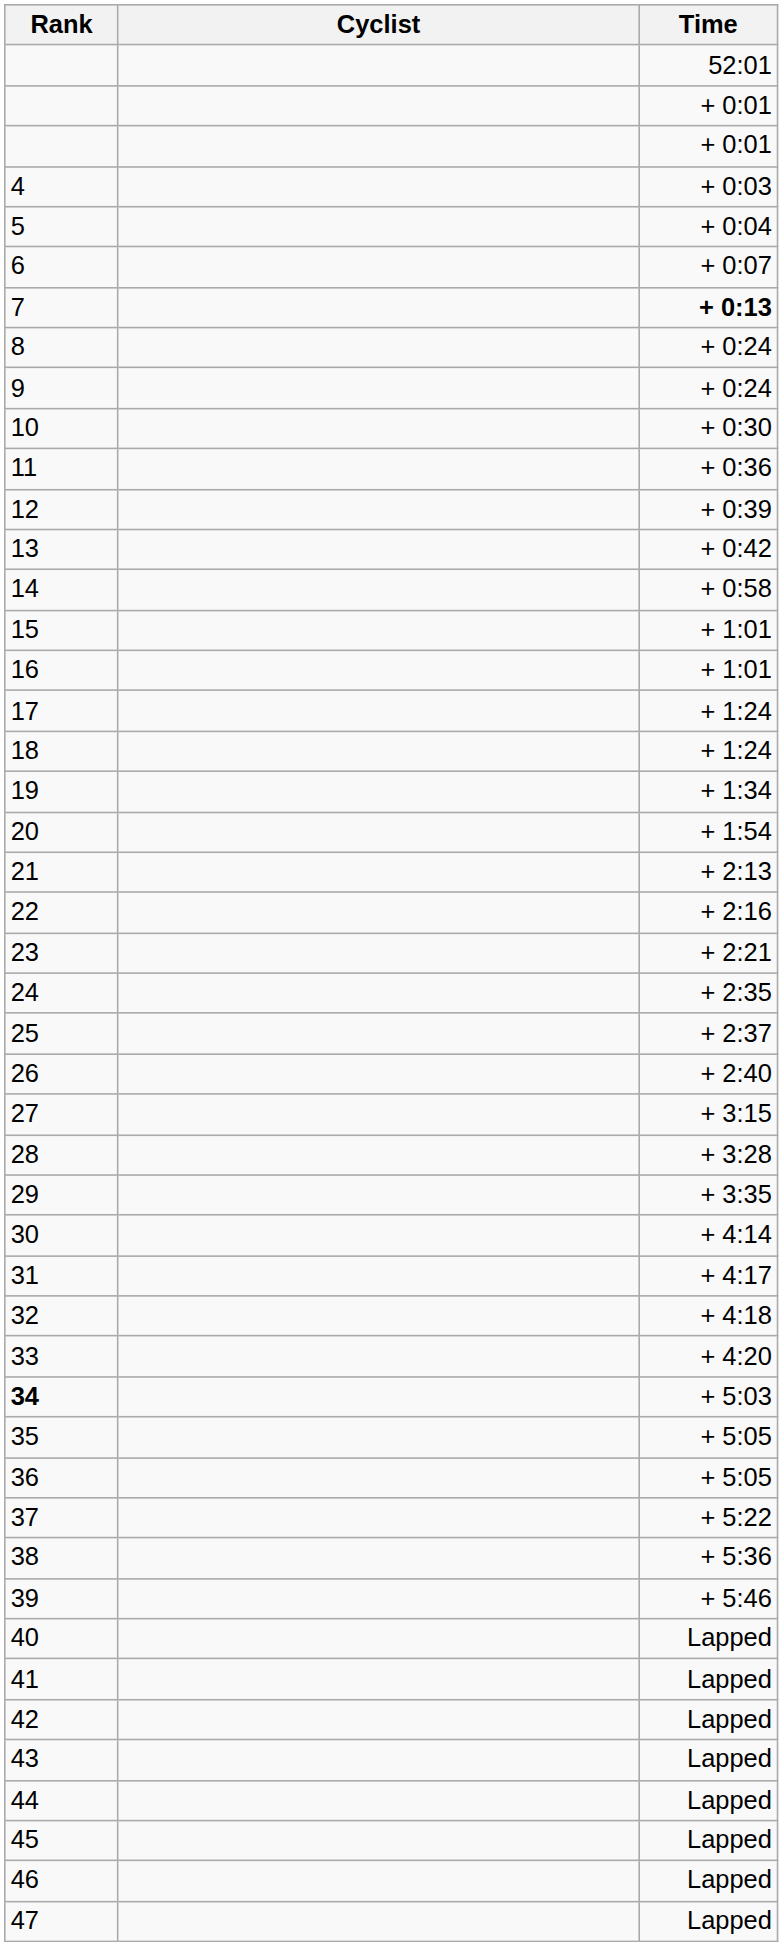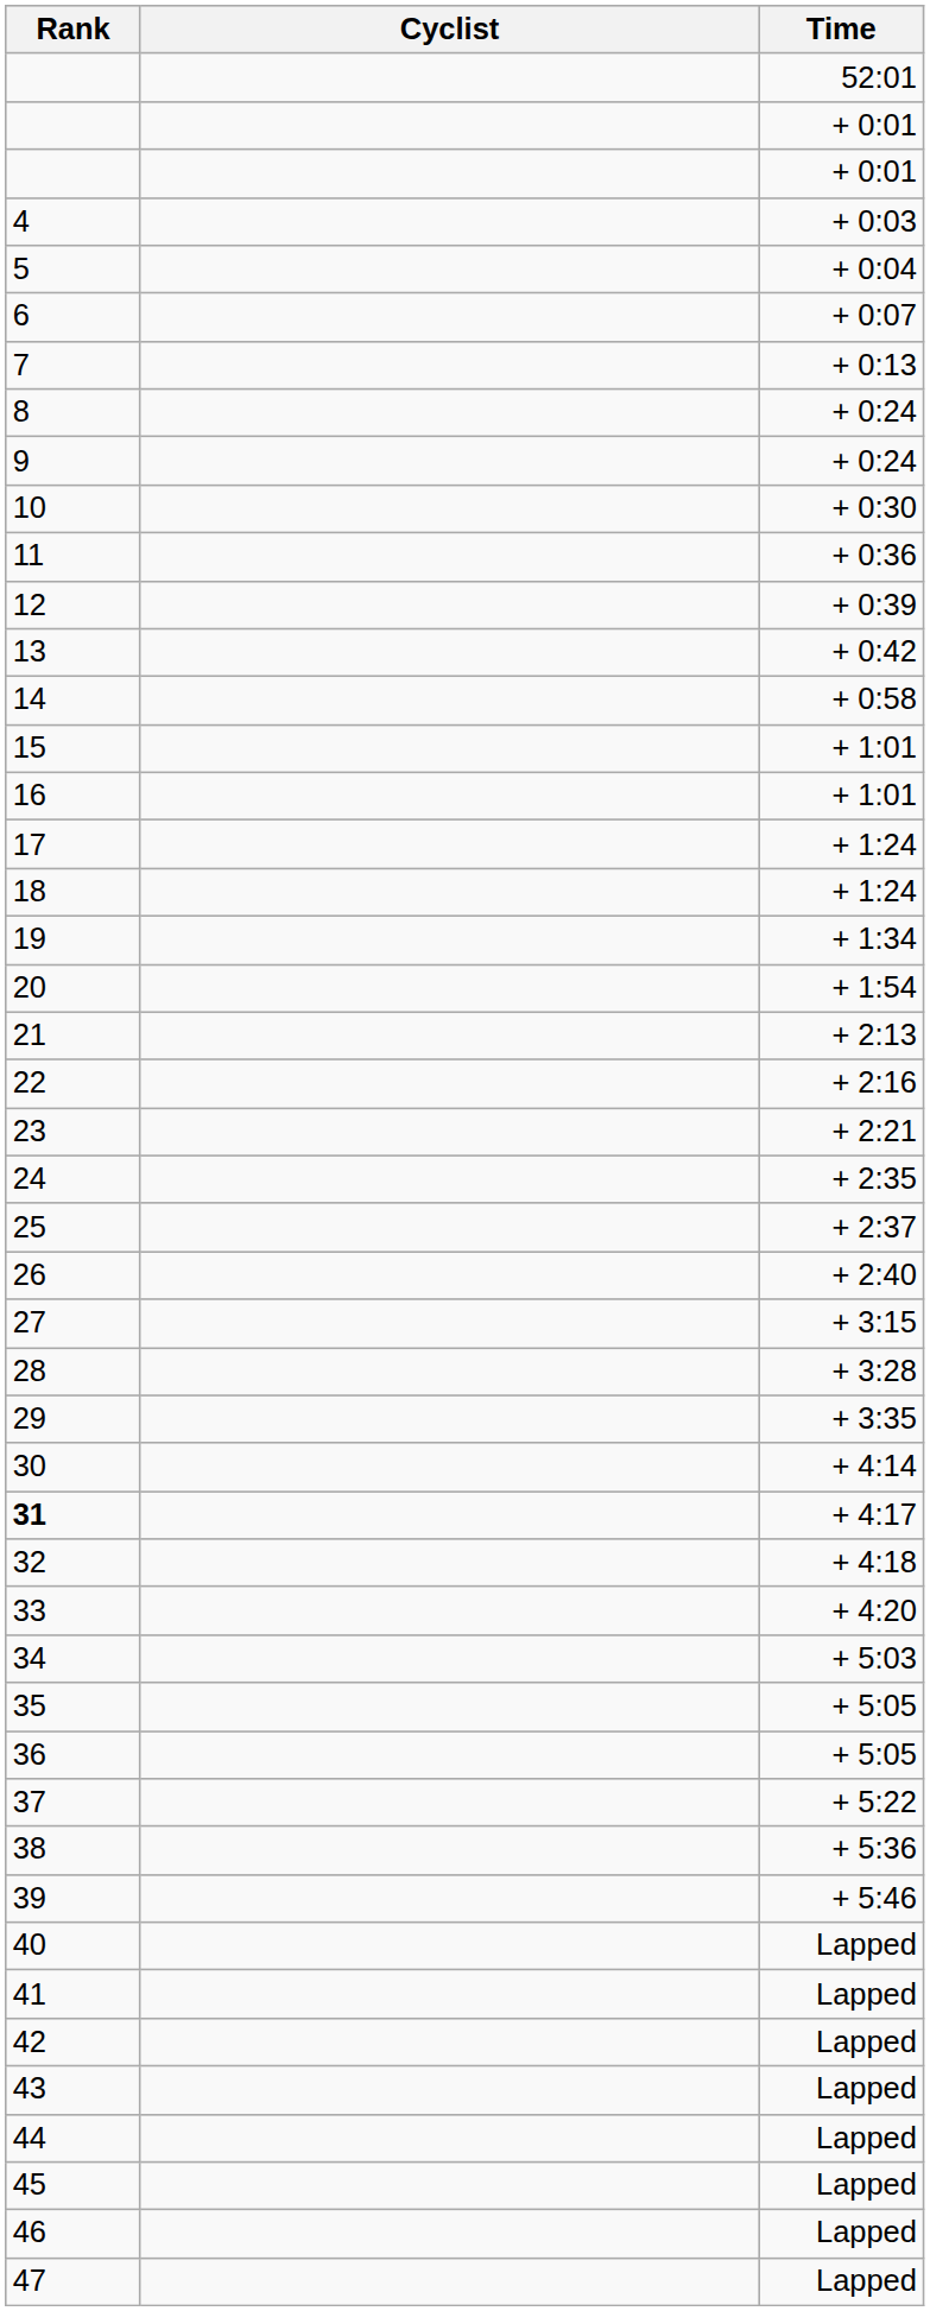 <table class="wikitable">
 <tr>
 <th style="width: 4em;">Rank</th>
 <th style="width: 20em;">Cyclist</th>
 <th style="width: 5em;">Time</th>
 </tr>
 <tr>
 <td></td>
 <td></td>
 <td align="right">52:01</td>
 </tr>
 <tr>
 <td></td>
 <td></td>
 <td align="right">+ 0:01</td>
 </tr>
 <tr>
 <td></td>
 <td></td>
 <td align="right">+ 0:01</td>
 </tr>
 <tr>
 <td>4</td>
 <td></td>
 <td align="right">+ 0:03</td>
 </tr>
 <tr>
 <td>5</td>
 <td></td>
 <td align="right">+ 0:04</td>
 </tr>
 <tr>
 <td>6</td>
 <td></td>
 <td align="right">+ 0:07</td>
 </tr>
 <tr>
 <td>7</td>
 <td></td>
-<td align="right"><strong>+ 0:13</strong></td>
+<td align="right">+ 0:13</td>
 </tr>
 <tr>
 <td>8</td>
 <td></td>
 <td align="right">+ 0:24</td>
 </tr>
 <tr>
 <td>9</td>
 <td></td>
 <td align="right">+ 0:24</td>
 </tr>
 <tr>
 <td>10</td>
 <td></td>
 <td align="right">+ 0:30</td>
 </tr>
 <tr>
 <td>11</td>
 <td></td>
 <td align="right">+ 0:36</td>
 </tr>
 <tr>
 <td>12</td>
 <td></td>
 <td align="right">+ 0:39</td>
 </tr>
 <tr>
 <td>13</td>
 <td></td>
 <td align="right">+ 0:42</td>
 </tr>
 <tr>
 <td>14</td>
 <td></td>
 <td align="right">+ 0:58</td>
 </tr>
 <tr>
 <td>15</td>
 <td></td>
 <td align="right">+ 1:01</td>
 </tr>
 <tr>
 <td>16</td>
 <td></td>
 <td align="right">+ 1:01</td>
 </tr>
 <tr>
 <td>17</td>
 <td></td>
 <td align="right">+ 1:24</td>
 </tr>
 <tr>
 <td>18</td>
 <td></td>
 <td align="right">+ 1:24</td>
 </tr>
 <tr>
 <td>19</td>
 <td></td>
 <td align="right">+ 1:34</td>
 </tr>
 <tr>
 <td>20</td>
 <td></td>
 <td align="right">+ 1:54</td>
 </tr>
 <tr>
 <td>21</td>
 <td></td>
 <td align="right">+ 2:13</td>
 </tr>
 <tr>
 <td>22</td>
 <td></td>
 <td align="right">+ 2:16</td>
 </tr>
 <tr>
 <td>23</td>
 <td></td>
 <td align="right">+ 2:21</td>
 </tr>
 <tr>
 <td>24</td>
 <td></td>
 <td align="right">+ 2:35</td>
 </tr>
 <tr>
 <td>25</td>
 <td></td>
 <td align="right">+ 2:37</td>
 </tr>
 <tr>
 <td>26</td>
 <td></td>
 <td align="right">+ 2:40</td>
 </tr>
 <tr>
 <td>27</td>
 <td></td>
 <td align="right">+ 3:15</td>
 </tr>
 <tr>
 <td>28</td>
 <td></td>
 <td align="right">+ 3:28</td>
 </tr>
 <tr>
 <td>29</td>
 <td></td>
 <td align="right">+ 3:35</td>
 </tr>
 <tr>
 <td>30</td>
 <td></td>
 <td align="right">+ 4:14</td>
 </tr>
 <tr>
-<td>31</td>
+<td><strong>31</strong></td>
 <td></td>
 <td align="right">+ 4:17</td>
 </tr>
 <tr>
 <td>32</td>
 <td></td>
 <td align="right">+ 4:18</td>
 </tr>
 <tr>
 <td>33</td>
 <td></td>
 <td align="right">+ 4:20</td>
 </tr>
 <tr>
-<td><strong>34</strong></td>
+<td>34</td>
 <td></td>
 <td align="right">+ 5:03</td>
 </tr>
 <tr>
 <td>35</td>
 <td></td>
 <td align="right">+ 5:05</td>
 </tr>
 <tr>
 <td>36</td>
 <td></td>
 <td align="right">+ 5:05</td>
 </tr>
 <tr>
 <td>37</td>
 <td></td>
 <td align="right">+ 5:22</td>
 </tr>
 <tr>
 <td>38</td>
 <td></td>
 <td align="right">+ 5:36</td>
 </tr>
 <tr>
 <td>39</td>
 <td></td>
 <td align="right">+ 5:46</td>
 </tr>
 <tr>
 <td>40</td>
 <td></td>
 <td align="right">Lapped</td>
 </tr>
 <tr>
 <td>41</td>
 <td></td>
 <td align="right">Lapped</td>
 </tr>
 <tr>
 <td>42</td>
 <td></td>
 <td align="right">Lapped</td>
 </tr>
 <tr>
 <td>43</td>
 <td></td>
 <td align="right">Lapped</td>
 </tr>
 <tr>
 <td>44</td>
 <td></td>
 <td align="right">Lapped</td>
 </tr>
 <tr>
 <td>45</td>
 <td></td>
 <td align="right">Lapped</td>
 </tr>
 <tr>
 <td>46</td>
 <td></td>
 <td align="right">Lapped</td>
 </tr>
 <tr>
 <td>47</td>
 <td></td>
 <td align="right">Lapped</td>
 </tr>
 </table>
